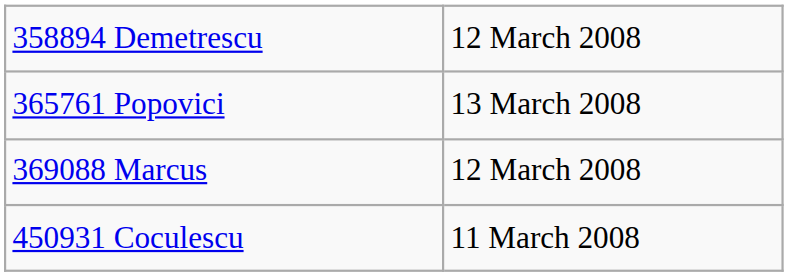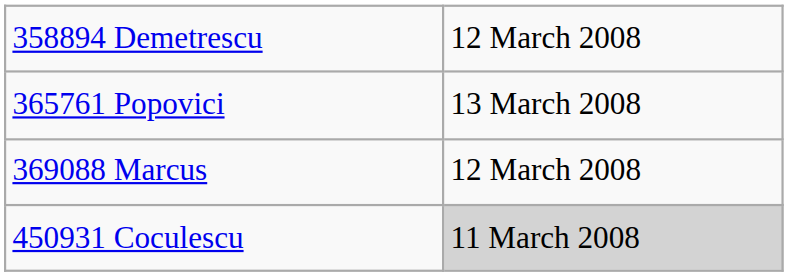 <table class="wikitable" style="font-size: 89%; float: left; width: 25em; margin-right: 1em; line-height: 1.65em !important; height: 102px;">
 <tr>
 <td><a href='#'>358894 Demetrescu</a></td>
 <td>12 March 2008</td>
 </tr>
 <tr>
 <td><a href='#'>365761 Popovici</a></td>
 <td>13 March 2008</td>
 </tr>
 <tr>
 <td><a href='#'>369088 Marcus</a></td>
 <td>12 March 2008</td>
 </tr>
 <tr>
 <td><a href='#'>450931 Coculescu</a></td>
-<td>11 March 2008</td>
+<td style="background: lightgrey;">11 March 2008</td>
 </tr>
 </table>
